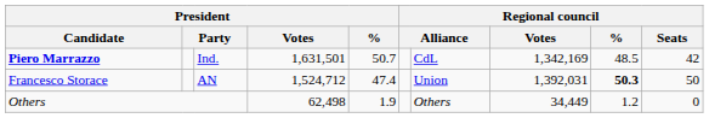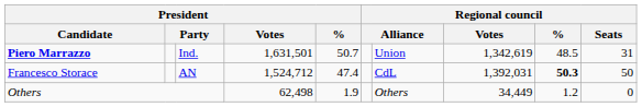 <table class="wikitable" style="text-align:right; style="width=65%">
 <tr>
 <th colspan="5">President</th>
 <th colspan="7">Regional council</th>
 </tr>
 <tr>
 <th>Candidate</th>
 <th colspan="2">Party</th>
 <th>Votes</th>
 <th>%</th>
 <th colspan="2">Alliance</th>
 <th>Votes</th>
 <th>%</th>
 <th>Seats</th>
 </tr>
 <tr>
 <td style="text-align:left"><strong><a href='#'>Piero Marrazzo</a></strong></td>
 <td></td>
 <td style="text-align:left"><a href='#'>Ind.</a></td>
 <td>1,631,501</td>
 <td>50.7</td>
 <td></td>
-<td style="text-align:left"><a href='#'>CdL</a></td>
-<td>1,342,169</td>
+<td style="text-align:left"><a href='#'>Union</a></td>
+<td>1,342,619</td>
 <td>48.5</td>
-<td>42</td>
+<td>31</td>
 </tr>
 <tr>
 <td style="text-align:left"><a href='#'>Francesco Storace</a></td>
 <td></td>
 <td style="text-align:left"><a href='#'>AN</a></td>
 <td>1,524,712</td>
 <td>47.4</td>
 <td></td>
-<td style="text-align:left"><a href='#'>Union</a></td>
+<td style="text-align:left"><a href='#'>CdL</a></td>
 <td>1,392,031</td>
 <td><strong>50.3</strong></td>
 <td>50</td>
 </tr>
 <tr>
 <td colspan="3" style="text-align:left"><em>Others</em></td>
 <td>62,498</td>
 <td>1.9</td>
 <td></td>
 <td style="text-align:left"><em>Others</em></td>
 <td>34,449</td>
 <td>1.2</td>
 <td>0</td>
 </tr>
 </table>
